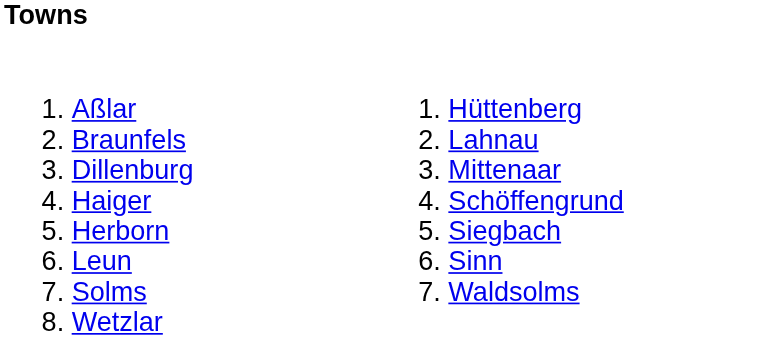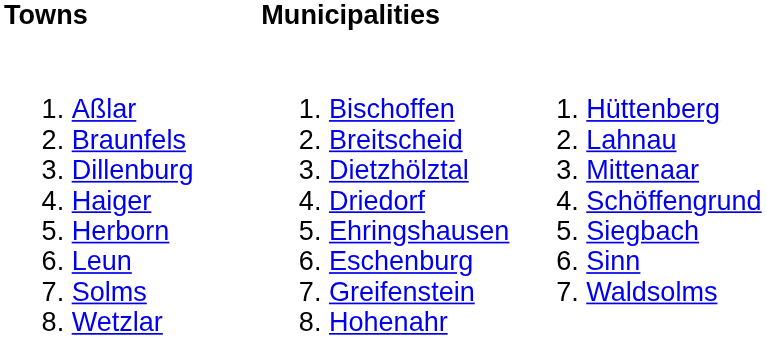 <table>
 <tr>
 <th align=left width=33%>Towns</th>
+<th align=left width=33%>Municipalities</th>
 <th align=left width=33%></th>
 </tr>
 <tr valign=top>
 <td><br><ol><li><a href='#'>Aßlar</a></li><li><a href='#'>Braunfels</a></li><li><a href='#'>Dillenburg</a></li><li><a href='#'>Haiger</a></li><li><a href='#'>Herborn</a></li><li><a href='#'>Leun</a></li><li><a href='#'>Solms</a></li><li><a href='#'>Wetzlar</a></li></ol></td>
+<td><br><ol><li><a href='#'>Bischoffen</a></li><li><a href='#'>Breitscheid</a></li><li><a href='#'>Dietzhölztal</a></li><li><a href='#'>Driedorf</a></li><li><a href='#'>Ehringshausen</a></li><li><a href='#'>Eschenburg</a></li><li><a href='#'>Greifenstein</a></li><li><a href='#'>Hohenahr</a></li></ol></td>
 <td><br><ol> <li><a href='#'>Hüttenberg</a> <li><a href='#'>Lahnau</a> <li><a href='#'>Mittenaar</a> <li><a href='#'>Schöffengrund</a> <li><a href='#'>Siegbach</a> <li><a href='#'>Sinn</a> <li><a href='#'>Waldsolms</a> </ol></td>
 </tr>
 </table>
